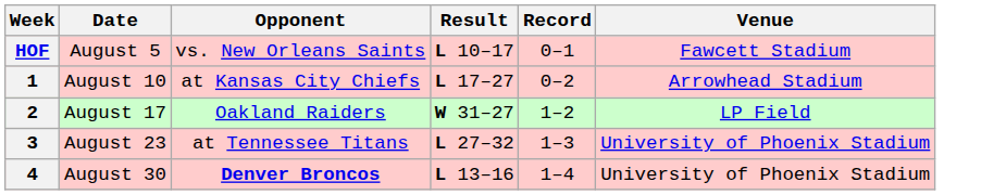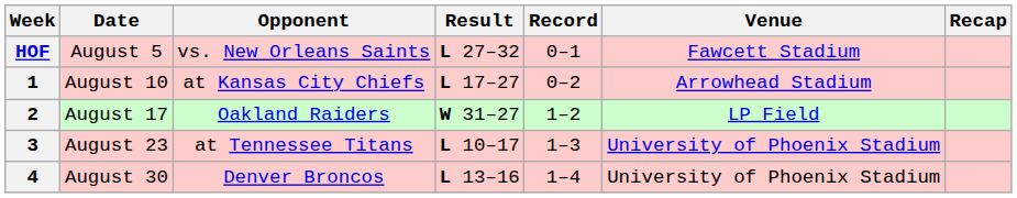 <table class="wikitable" style="text-align:center">
 <tr>
 <th>Week</th>
 <th>Date</th>
 <th>Opponent</th>
 <th>Result</th>
 <th>Record</th>
 <th>Venue</th>
+<th>Recap</th>
 </tr>
 <tr style="background:#fcc; text-align:center;">
 <th><a href='#'>HOF</a></th>
 <td>August 5</td>
 <td>vs. <a href='#'>New Orleans Saints</a></td>
-<td><strong>L</strong> 10–17</td>
+<td><strong>L</strong> 27–32</td>
 <td>0–1</td>
 <td><a href='#'>Fawcett Stadium</a> </td>
+<td></td>
 </tr>
 <tr style="background:#fcc; text-align:center;">
 <th>1</th>
 <td>August 10</td>
 <td>at <a href='#'>Kansas City Chiefs</a></td>
 <td><strong>L</strong> 17–27</td>
 <td>0–2</td>
 <td><a href='#'>Arrowhead Stadium</a></td>
+<td></td>
 </tr>
 <tr style="background:#cfc; text-align:center;">
 <th>2</th>
 <td>August 17</td>
 <td><a href='#'>Oakland Raiders</a></td>
 <td><strong>W</strong> 31–27</td>
 <td>1–2</td>
 <td><a href='#'>LP Field</a></td>
+<td></td>
 </tr>
 <tr style="background:#fcc; text-align:center;">
 <th>3</th>
 <td>August 23</td>
 <td>at <a href='#'>Tennessee Titans</a></td>
-<td><strong>L</strong> 27–32</td>
+<td><strong>L</strong> 10–17</td>
 <td>1–3</td>
 <td><a href='#'>University of Phoenix Stadium</a></td>
+<td></td>
 </tr>
 <tr style="background:#fcc; text-align:center;">
 <th>4</th>
 <td>August 30</td>
-<td><strong><a href='#'>Denver Broncos</a></strong></td>
+<td><a href='#'>Denver Broncos</a></td>
 <td><strong>L</strong> 13–16</td>
 <td>1–4</td>
 <td>University of Phoenix Stadium</td>
+<td></td>
 </tr>
 </table>
